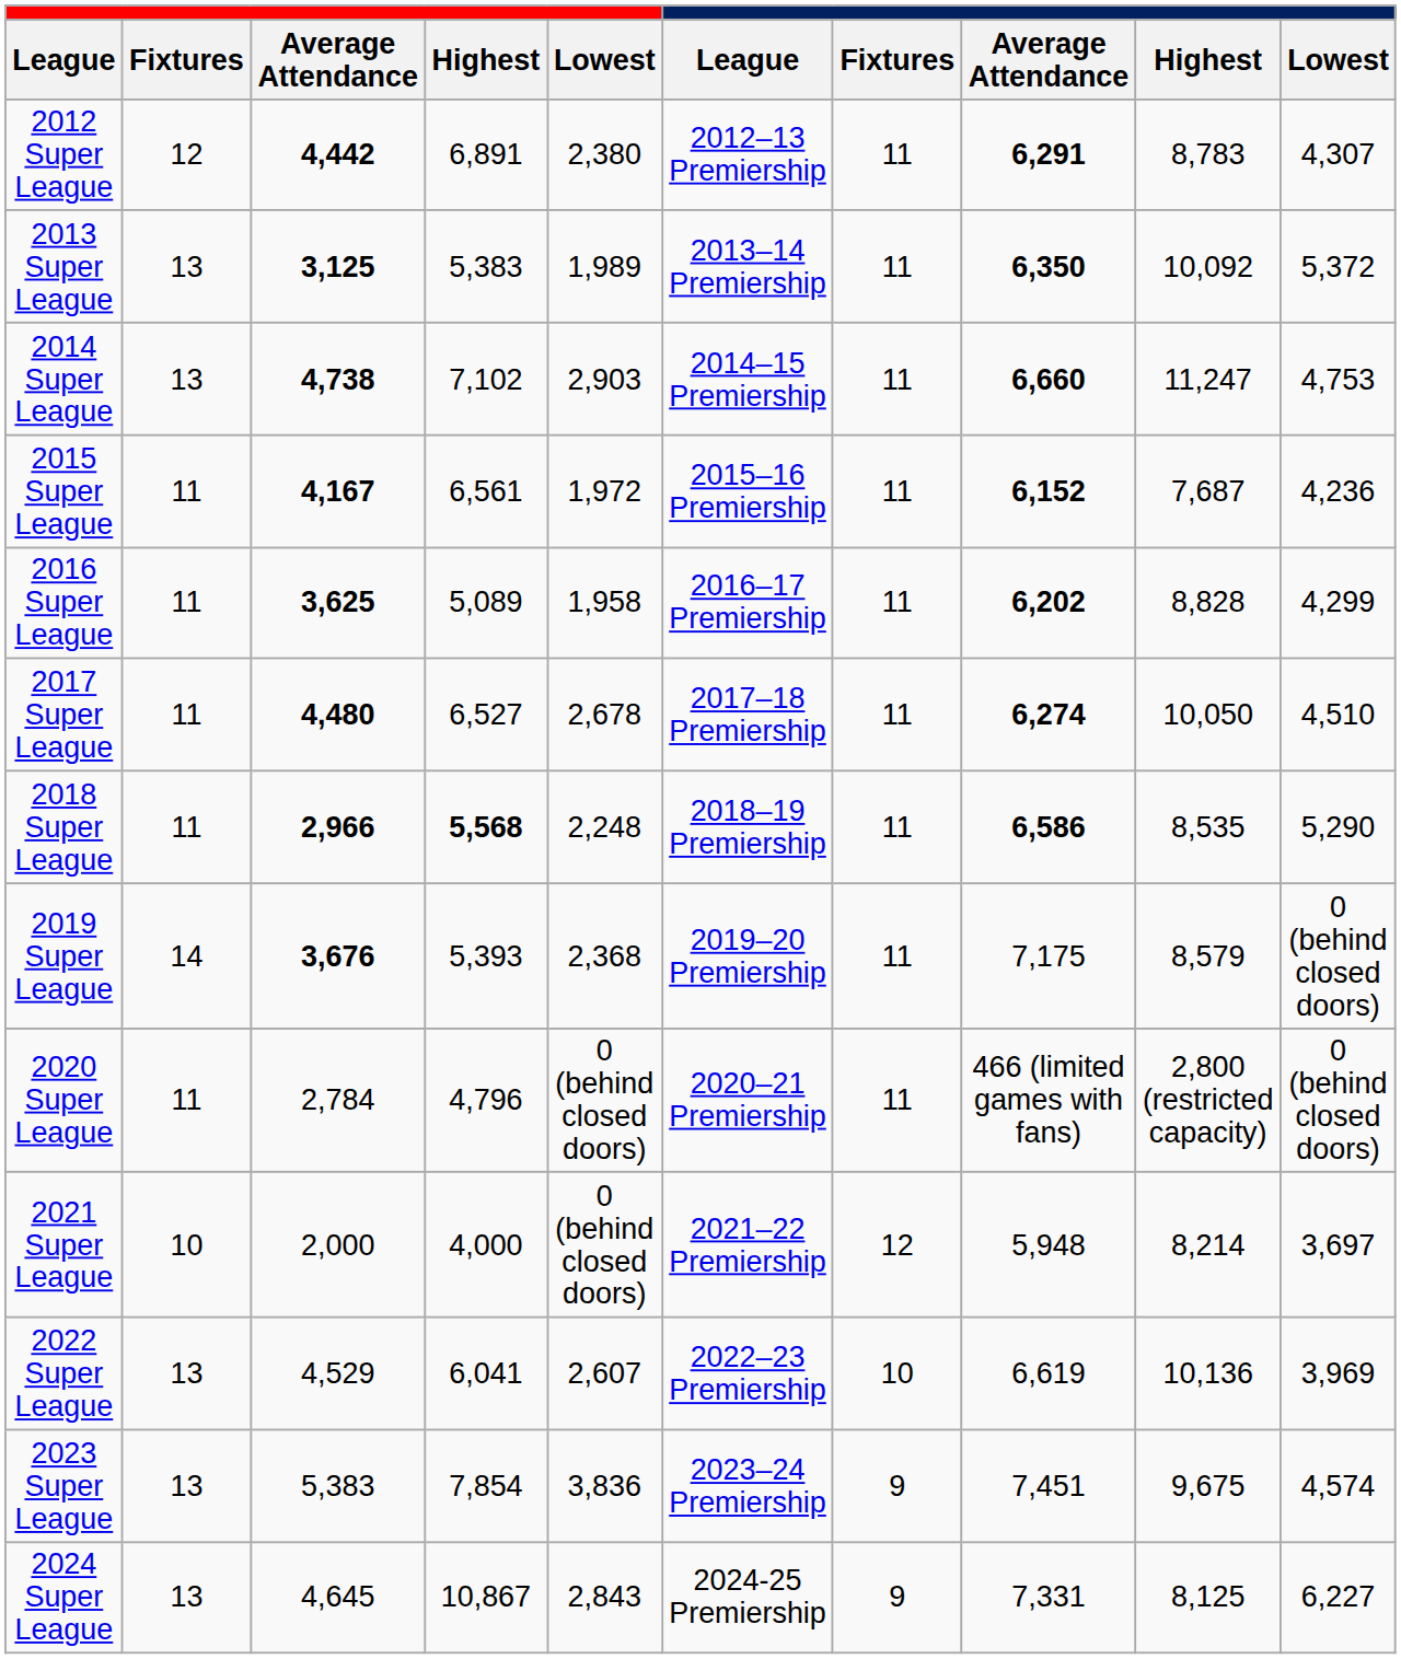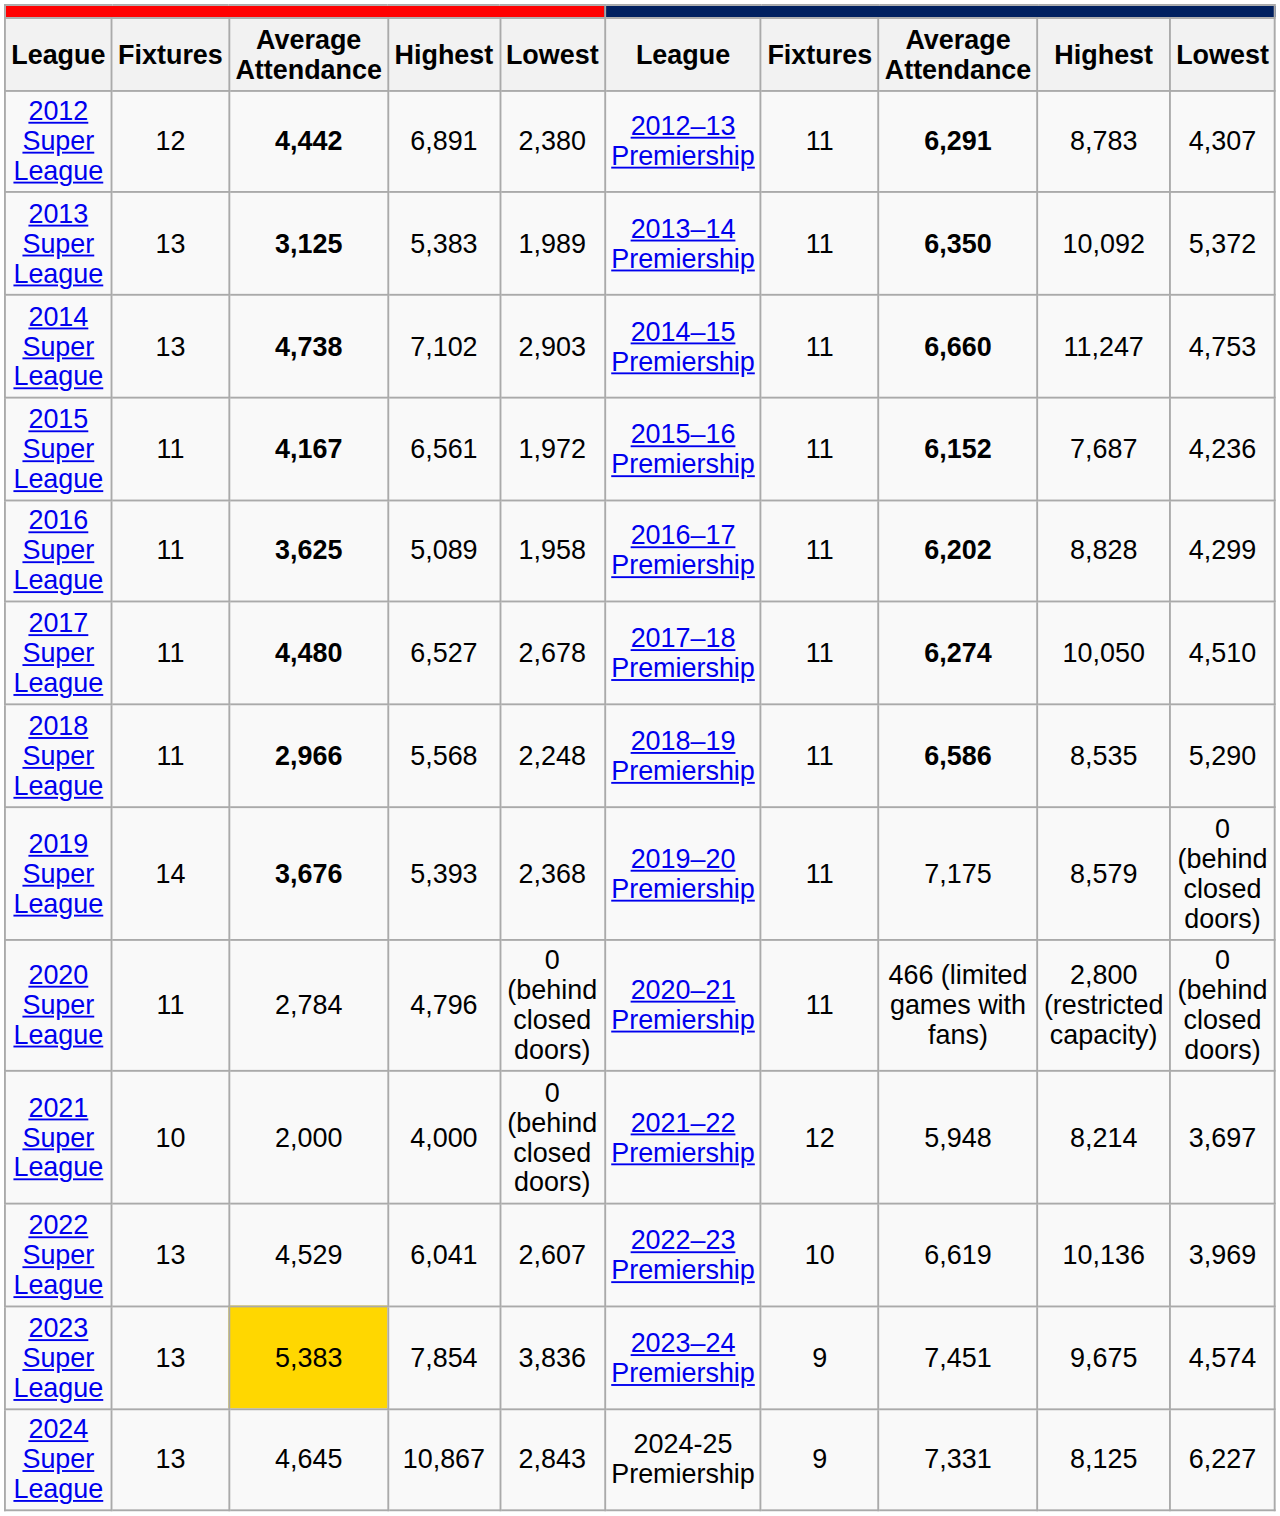 <table class="wikitable" style="font-size:90%; width:80%; text-align:center;">
 <tr>
 <td colspan="5" class="unsortable" style="width:45%; background:#f00;"></td>
 <td colspan="5" class="unsortable" style="width:45%; background:#002060;"></td>
 </tr>
 <tr>
 <th style="width:15%;">League</th>
 <th style="width:5%;">Fixtures</th>
 <th style="width:10%;">Average Attendance</th>
 <th style="width:10%;">Highest</th>
 <th style="width:10%;">Lowest</th>
 <th style="width:15%;">League</th>
 <th style="width:5%;">Fixtures</th>
 <th style="width:10%;">Average Attendance</th>
 <th style="width:10%;">Highest</th>
 <th style="width:10%;">Lowest</th>
 </tr>
 <tr>
 <td><a href='#'>2012 Super League</a></td>
 <td>12</td>
 <td><strong>4,442</strong></td>
 <td>6,891</td>
 <td>2,380</td>
 <td><a href='#'>2012–13 Premiership</a></td>
 <td>11</td>
 <td><strong>6,291</strong></td>
 <td>8,783</td>
 <td>4,307</td>
 </tr>
 <tr>
 <td><a href='#'>2013 Super League</a></td>
 <td>13</td>
 <td><strong>3,125</strong></td>
 <td>5,383</td>
 <td>1,989</td>
 <td><a href='#'>2013–14 Premiership</a></td>
 <td>11</td>
 <td><strong>6,350</strong></td>
 <td>10,092</td>
 <td>5,372</td>
 </tr>
 <tr>
 <td><a href='#'>2014 Super League</a></td>
 <td>13</td>
 <td><strong>4,738</strong></td>
 <td>7,102</td>
 <td>2,903</td>
 <td><a href='#'>2014–15 Premiership</a></td>
 <td>11</td>
 <td><strong>6,660</strong></td>
 <td>11,247</td>
 <td>4,753</td>
 </tr>
 <tr>
 <td><a href='#'>2015 Super League</a></td>
 <td>11</td>
 <td><strong>4,167</strong></td>
 <td>6,561</td>
 <td>1,972</td>
 <td><a href='#'>2015–16 Premiership</a></td>
 <td>11</td>
 <td><strong>6,152</strong></td>
 <td>7,687</td>
 <td>4,236</td>
 </tr>
 <tr>
 <td><a href='#'>2016 Super League</a></td>
 <td>11</td>
 <td><strong>3,625</strong></td>
 <td>5,089</td>
 <td>1,958</td>
 <td><a href='#'>2016–17 Premiership</a></td>
 <td>11</td>
 <td><strong>6,202</strong></td>
 <td>8,828</td>
 <td>4,299</td>
 </tr>
 <tr>
 <td><a href='#'>2017 Super League</a></td>
 <td>11</td>
 <td><strong>4,480</strong></td>
 <td>6,527</td>
 <td>2,678</td>
 <td><a href='#'>2017–18 Premiership</a></td>
 <td>11</td>
 <td><strong>6,274</strong></td>
 <td>10,050</td>
 <td>4,510</td>
 </tr>
 <tr>
 <td><a href='#'>2018 Super League</a></td>
 <td>11</td>
 <td><strong>2,966</strong></td>
-<td><strong>5,568</strong></td>
+<td>5,568</td>
 <td>2,248</td>
 <td><a href='#'>2018–19 Premiership</a></td>
 <td>11</td>
 <td><strong>6,586</strong></td>
 <td>8,535</td>
 <td>5,290</td>
 </tr>
 <tr>
 <td><a href='#'>2019 Super League</a></td>
 <td>14</td>
 <td><strong>3,676</strong></td>
 <td>5,393</td>
 <td>2,368</td>
 <td><a href='#'>2019–20 Premiership</a></td>
 <td>11</td>
 <td>7,175</td>
 <td>8,579</td>
 <td>0 (behind closed doors)</td>
 </tr>
 <tr>
 <td><a href='#'>2020 Super League</a></td>
 <td>11</td>
 <td>2,784</td>
 <td>4,796</td>
 <td>0 (behind closed doors)</td>
 <td><a href='#'>2020–21 Premiership</a></td>
 <td>11</td>
 <td>466 (limited games with fans)</td>
 <td>2,800 (restricted capacity)</td>
 <td>0 (behind closed doors)</td>
 </tr>
 <tr>
 <td><a href='#'>2021 Super League</a></td>
 <td>10</td>
 <td>2,000</td>
 <td>4,000</td>
 <td>0 (behind closed doors)</td>
 <td><a href='#'>2021–22 Premiership</a></td>
 <td>12</td>
 <td>5,948</td>
 <td>8,214</td>
 <td>3,697</td>
 </tr>
 <tr>
 <td><a href='#'>2022 Super League</a></td>
 <td>13</td>
 <td>4,529</td>
 <td>6,041</td>
 <td>2,607</td>
 <td><a href='#'>2022–23 Premiership</a></td>
 <td>10</td>
 <td>6,619</td>
 <td>10,136</td>
 <td>3,969</td>
 </tr>
 <tr>
 <td><a href='#'>2023 Super League</a></td>
 <td>13</td>
-<td>5,383</td>
+<td style="background: gold;">5,383</td>
 <td>7,854</td>
 <td>3,836</td>
 <td><a href='#'>2023–24 Premiership</a></td>
 <td>9</td>
 <td>7,451</td>
 <td>9,675</td>
 <td>4,574</td>
 </tr>
 <tr>
 <td><a href='#'>2024 Super League</a></td>
 <td>13</td>
 <td>4,645</td>
 <td>10,867</td>
 <td>2,843</td>
 <td>2024-25 Premiership</td>
 <td>9</td>
 <td>7,331</td>
 <td>8,125</td>
 <td>6,227</td>
 </tr>
 </table>
